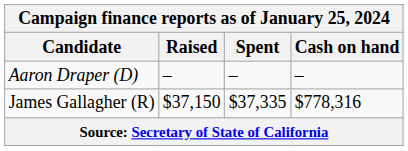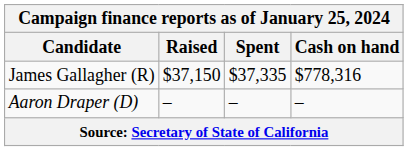 <table class="wikitable sortable">
 <tr>
 <th colspan=4>Campaign finance reports as of January 25, 2024</th>
 </tr>
 <tr style="text-align:center;">
 <th>Candidate</th>
 <th>Raised</th>
 <th>Spent</th>
 <th>Cash on hand</th>
 </tr>
 <tr>
+<td style="background-color:">James Gallagher (R)</td>
+<td>$37,150</td>
+<td>$37,335</td>
+<td>$778,316</td>
+</tr>
+<tr>
 <td style="color:black;background-color:"><em>Aaron Draper (D)</em></td>
 <td>–</td>
 <td>–</td>
 <td>–</td>
 </tr>
 <tr>
-<td style="background-color:">James Gallagher (R)</td>
-<td>$37,150</td>
-<td>$37,335</td>
-<td>$778,316</td>
-</tr>
-<tr>
 <th colspan="4"><small>Source: <a href='#'>Secretary of State of California</a></small></th>
 </tr>
 </table>
